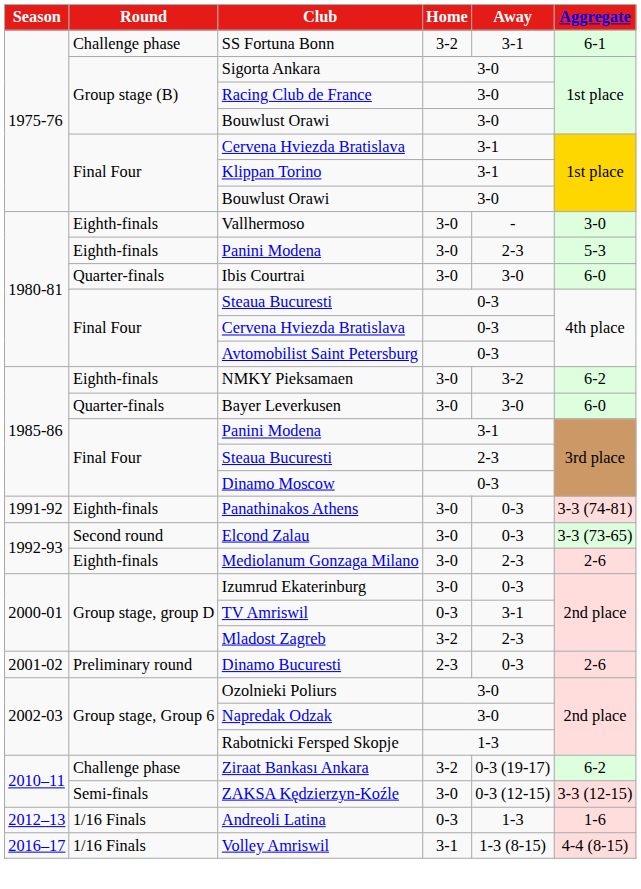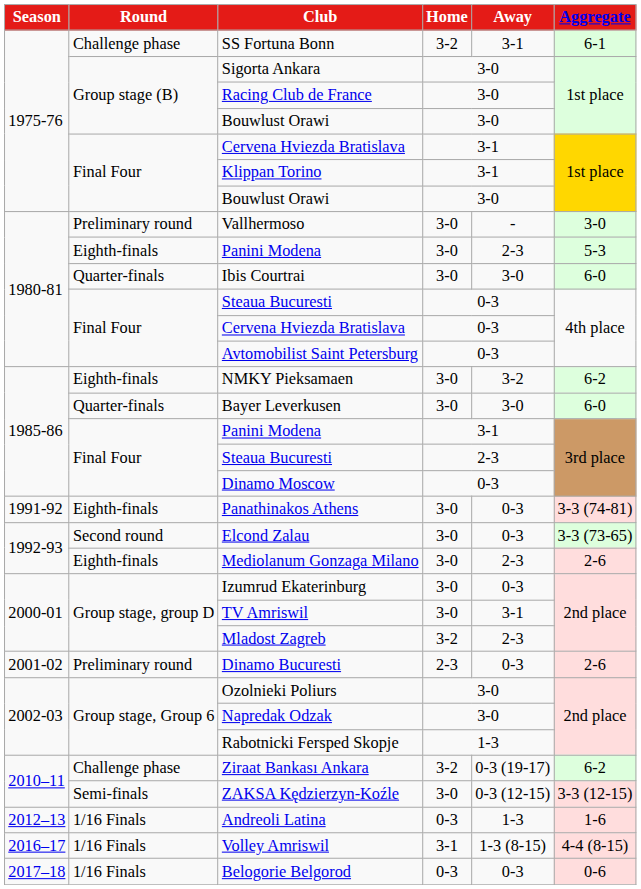 <table class="wikitable">
 <tr>
 <th style="color:white; background:#E41B17;">Season</th>
 <th style="color:white; background:#E41B17;">Round</th>
 <th style="color:white; background:#E41B17;">Club</th>
 <th style="color:white; background:#E41B17;">Home</th>
 <th style="color:white; background:#E41B17;">Away</th>
 <th style="color:white; background:#E41B17;"><a href='#'>Aggregate</a></th>
 </tr>
 <tr>
 <td rowspan="7">1975-76</td>
 <td>Challenge phase</td>
 <td>SS Fortuna Bonn</td>
 <td style="text-align:center">3-2</td>
 <td style="text-align:center">3-1</td>
 <td style="text-align:center; background:#dfd;">6-1</td>
 </tr>
 <tr>
 <td rowspan="3">Group stage (B)</td>
 <td>Sigorta Ankara</td>
 <td colspan="2" style="text-align:center">3-0</td>
 <td rowspan="3" style="text-align:center; background:#dfd;">1st place</td>
 </tr>
 <tr>
 <td><a href='#'>Racing Club de France</a></td>
 <td colspan="2" style="text-align:center">3-0</td>
 </tr>
 <tr>
 <td>Bouwlust Orawi</td>
 <td colspan="2" style="text-align:center">3-0</td>
 </tr>
 <tr>
 <td rowspan="3">Final Four</td>
 <td><a href='#'>Cervena Hviezda Bratislava</a></td>
 <td colspan="2" style="text-align:center">3-1</td>
 <td rowspan="3" style="text-align:center; background:gold">1st place </td>
 </tr>
 <tr>
 <td><a href='#'>Klippan Torino</a></td>
 <td colspan="2" style="text-align:center">3-1</td>
 </tr>
 <tr>
 <td>Bouwlust Orawi</td>
 <td colspan="2" style="text-align:center">3-0</td>
 </tr>
 <tr>
 <td rowspan="6">1980-81</td>
-<td>Eighth-finals</td>
+<td>Preliminary round</td>
 <td>Vallhermoso</td>
 <td style="text-align:center">3-0</td>
 <td style="text-align:center">-</td>
 <td style="text-align:center; background:#dfd;">3-0</td>
 </tr>
 <tr>
 <td>Eighth-finals</td>
 <td><a href='#'>Panini Modena</a></td>
 <td style="text-align:center">3-0</td>
 <td style="text-align:center">2-3</td>
 <td style="text-align:center; background:#dfd;">5-3</td>
 </tr>
 <tr>
 <td>Quarter-finals</td>
 <td>Ibis Courtrai</td>
 <td style="text-align:center">3-0</td>
 <td style="text-align:center">3-0</td>
 <td style="text-align:center; background:#dfd;">6-0</td>
 </tr>
 <tr>
 <td rowspan="3">Final Four</td>
 <td><a href='#'>Steaua Bucuresti</a></td>
 <td colspan="2" style="text-align:center">0-3</td>
 <td rowspan="3" style="text-align:center">4th place</td>
 </tr>
 <tr>
 <td><a href='#'>Cervena Hviezda Bratislava</a></td>
 <td colspan="2" style="text-align:center">0-3</td>
 </tr>
 <tr>
 <td><a href='#'>Avtomobilist Saint Petersburg</a></td>
 <td colspan="2" style="text-align:center">0-3</td>
 </tr>
 <tr>
 <td rowspan="5">1985-86</td>
 <td>Eighth-finals</td>
 <td>NMKY Pieksamaen</td>
 <td style="text-align:center">3-0</td>
 <td style="text-align:center">3-2</td>
 <td style="text-align:center; background:#dfd;">6-2</td>
 </tr>
 <tr>
 <td>Quarter-finals</td>
 <td>Bayer Leverkusen</td>
 <td style="text-align:center">3-0</td>
 <td style="text-align:center">3-0</td>
 <td style="text-align:center; background:#dfd;">6-0</td>
 </tr>
 <tr>
 <td rowspan="3">Final Four</td>
 <td><a href='#'>Panini Modena</a></td>
 <td colspan="2" style="text-align:center">3-1</td>
 <td rowspan="3" style="text-align:center;background:#c96">3rd place </td>
 </tr>
 <tr>
 <td><a href='#'>Steaua Bucuresti</a></td>
 <td colspan="2" style="text-align:center">2-3</td>
 </tr>
 <tr>
 <td><a href='#'>Dinamo Moscow</a></td>
 <td colspan="2" style="text-align:center">0-3</td>
 </tr>
 <tr>
 <td>1991-92</td>
 <td>Eighth-finals</td>
 <td><a href='#'>Panathinakos Athens</a></td>
 <td style="text-align:center">3-0</td>
 <td style="text-align:center">0-3</td>
 <td style="text-align:center; background:#fdd;">3-3 (74-81)</td>
 </tr>
 <tr>
 <td rowspan="2">1992-93</td>
 <td>Second round</td>
 <td><a href='#'>Elcond Zalau</a></td>
 <td style="text-align:center">3-0</td>
 <td style="text-align:center">0-3</td>
 <td style="text-align:center; background:#dfd;">3-3 (73-65)</td>
 </tr>
 <tr>
 <td>Eighth-finals</td>
 <td><a href='#'>Mediolanum Gonzaga Milano</a></td>
 <td style="text-align:center">3-0</td>
 <td style="text-align:center">2-3</td>
 <td style="text-align:center; background:#fdd;">2-6</td>
 </tr>
 <tr>
 <td rowspan="3">2000-01</td>
 <td rowspan="3">Group stage, group D</td>
 <td>Izumrud Ekaterinburg</td>
 <td style="text-align:center">3-0</td>
 <td style="text-align:center">0-3</td>
 <td rowspan="3" style="text-align:center; background:#fdd;">2nd place</td>
 </tr>
 <tr>
 <td><a href='#'>TV Amriswil</a></td>
-<td style="text-align:center">0-3</td>
+<td style="text-align:center">3-0</td>
 <td style="text-align:center">3-1</td>
 </tr>
 <tr>
 <td><a href='#'>Mladost Zagreb</a></td>
 <td style="text-align:center">3-2</td>
 <td style="text-align:center">2-3</td>
 </tr>
 <tr>
 <td>2001-02</td>
 <td>Preliminary round</td>
 <td><a href='#'>Dinamo Bucuresti</a></td>
 <td style="text-align:center">2-3</td>
 <td style="text-align:center">0-3</td>
 <td style="text-align:center; background:#fdd;">2-6</td>
 </tr>
 <tr>
 <td rowspan="3">2002-03</td>
 <td rowspan="3">Group stage, Group 6</td>
 <td>Ozolnieki Poliurs</td>
 <td colspan="2" style="text-align:center">3-0</td>
 <td rowspan="3" style="text-align:center; background:#fdd;">2nd place</td>
 </tr>
 <tr>
 <td><a href='#'>Napredak Odzak</a></td>
 <td colspan="2" style="text-align:center">3-0</td>
 </tr>
 <tr>
 <td>Rabotnicki Fersped Skopje</td>
 <td colspan="2" style="text-align:center">1-3</td>
 </tr>
 <tr>
 <td rowspan="2"><a href='#'>2010–11</a></td>
 <td>Challenge phase</td>
 <td><a href='#'>Ziraat Bankası Ankara</a></td>
 <td style="text-align:center">3-2</td>
 <td style="text-align:center">0-3 (19-17)</td>
 <td style="text-align:center; background:#dfd;">6-2</td>
 </tr>
 <tr>
 <td>Semi-finals</td>
 <td><a href='#'>ZAKSA Kędzierzyn-Koźle</a></td>
 <td style="text-align:center">3-0</td>
 <td style="text-align:center">0-3 (12-15)</td>
 <td style="text-align:center; background:#fdd;">3-3 (12-15)</td>
 </tr>
 <tr>
 <td><a href='#'>2012–13</a></td>
 <td>1/16 Finals</td>
 <td><a href='#'>Andreoli Latina</a></td>
 <td style="text-align:center">0-3</td>
 <td style="text-align:center">1-3</td>
 <td style="text-align:center; background:#fdd;">1-6</td>
 </tr>
 <tr>
 <td><a href='#'>2016–17</a></td>
 <td>1/16 Finals</td>
 <td><a href='#'>Volley Amriswil</a></td>
 <td style="text-align:center">3-1</td>
 <td style="text-align:center">1-3 (8-15)</td>
 <td style="text-align:center; background:#fdd;">4-4 (8-15)</td>
 </tr>
+<tr>
+<td><a href='#'>2017–18</a></td>
+<td>1/16 Finals</td>
+<td><a href='#'>Belogorie Belgorod</a></td>
+<td style="text-align:center">0-3</td>
+<td style="text-align:center">0-3</td>
+<td style="text-align:center; background:#fdd;">0-6</td>
+</tr>
 </table>
